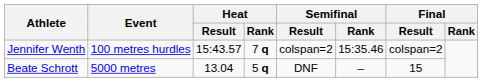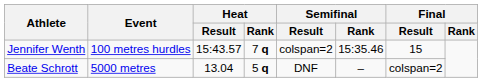 <table class="wikitable" style="font-size:90%">
 <tr>
 <th rowspan="2">Athlete</th>
 <th rowspan="2">Event</th>
 <th colspan="2">Heat</th>
 <th colspan="2">Semifinal</th>
 <th colspan="2">Final</th>
 </tr>
 <tr style="font-size:95%">
 <th>Result</th>
 <th>Rank</th>
 <th>Result</th>
 <th>Rank</th>
 <th>Result</th>
 <th>Rank</th>
 </tr>
 <tr style=text-align:center>
 <td style=text-align:left><a href='#'>Jennifer Wenth</a></td>
 <td style=text-align:left><a href='#'>100 metres hurdles</a></td>
 <td>15:43.57</td>
 <td>7 <strong>q</strong></td>
 <td>colspan=2 </td>
 <td>15:35.46</td>
-<td>colspan=2 </td>
+<td>15</td>
 </tr>
 <tr style=text-align:center>
 <td style=text-align:left><a href='#'>Beate Schrott</a></td>
 <td style=text-align:left><a href='#'>5000 metres</a></td>
 <td>13.04</td>
 <td>5 <strong>q</strong></td>
 <td>DNF</td>
 <td>–</td>
-<td>15</td>
+<td>colspan=2 </td>
 </tr>
 </table>
